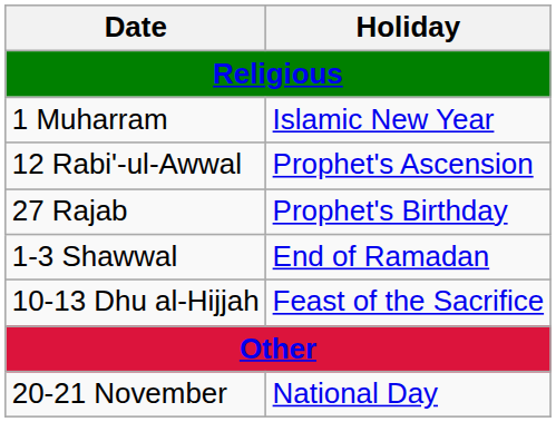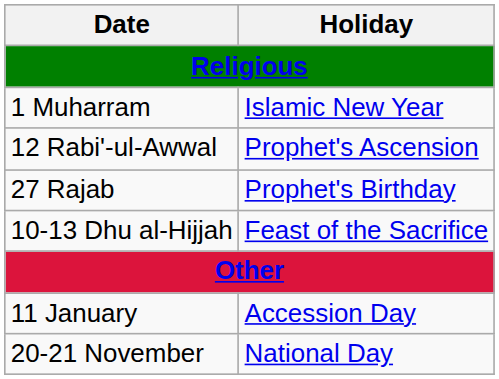 <table class="wikitable">
 <tr>
 <th>Date</th>
 <th>Holiday</th>
 </tr>
 <tr>
 <th colspan="2" style="background-color:#008000"><a href='#'><span>Religious</span></a></th>
 </tr>
 <tr>
 <td>1 Muharram</td>
 <td><a href='#'>Islamic New Year</a></td>
 </tr>
 <tr>
 <td>12 Rabi'-ul-Awwal</td>
 <td><a href='#'>Prophet's Ascension</a></td>
 </tr>
 <tr>
 <td>27 Rajab</td>
 <td><a href='#'>Prophet's Birthday</a></td>
 </tr>
 <tr>
-<td>1-3 Shawwal</td>
-<td><a href='#'>End of Ramadan</a></td>
-</tr>
-<tr>
 <td>10-13 Dhu al-Hijjah</td>
 <td><a href='#'>Feast of the Sacrifice</a></td>
 </tr>
 <tr>
 <th colspan="2" style="background-color:#dc143c;"><a href='#'><span>Other</span></a><br></th>
 </tr>
 <tr>
+<td>11 January</td>
+<td><a href='#'>Accession Day</a></td>
+</tr>
+<tr>
 <td>20-21 November</td>
 <td><a href='#'>National Day</a></td>
 </tr>
 </table>
